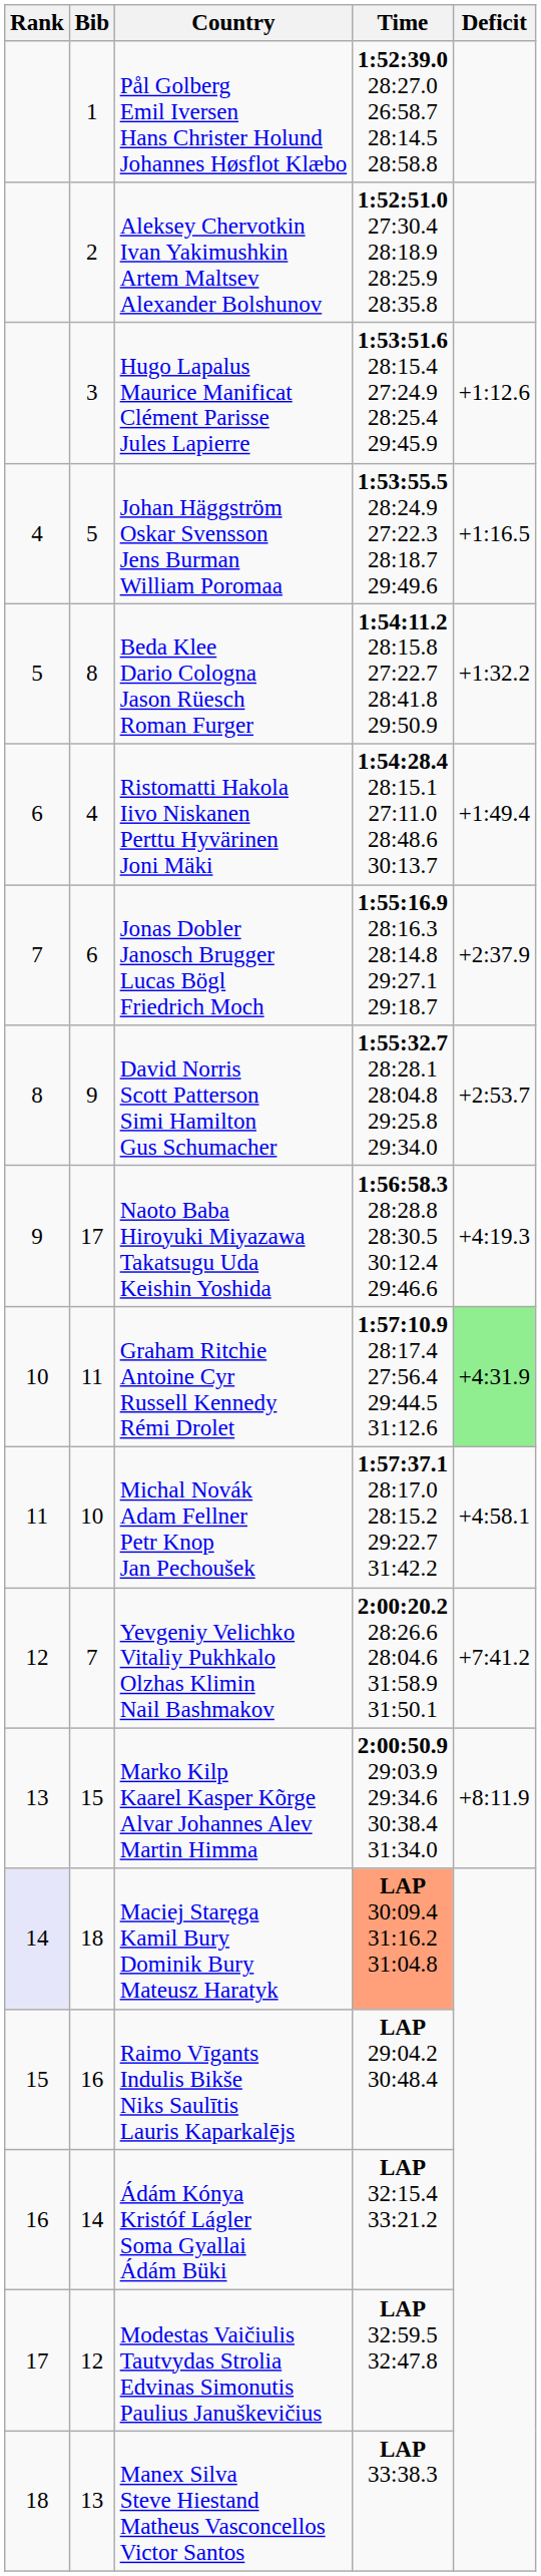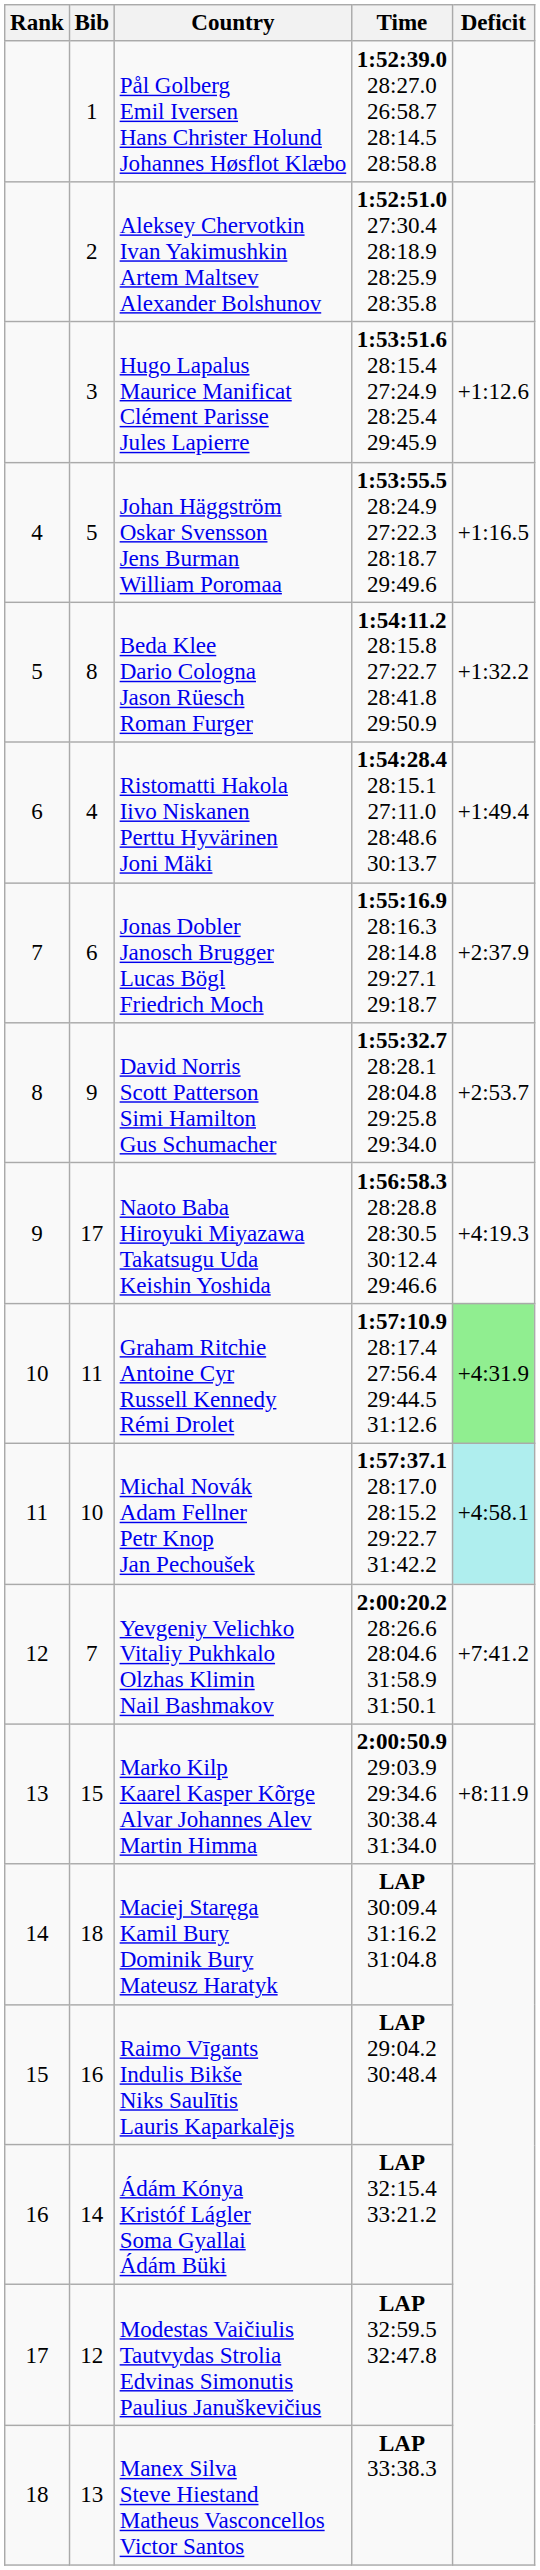 <table class="wikitable sortable" style="text-align:center">
 <tr>
 <th>Rank</th>
 <th>Bib</th>
 <th>Country</th>
 <th>Time</th>
 <th>Deficit</th>
 </tr>
 <tr>
 <td></td>
 <td>1</td>
 <td align=left><br><a href='#'>Pål Golberg</a><br><a href='#'>Emil Iversen</a><br><a href='#'>Hans Christer Holund</a><br><a href='#'>Johannes Høsflot Klæbo</a></td>
 <td><strong>1:52:39.0</strong><br>28:27.0<br>26:58.7<br>28:14.5<br>28:58.8</td>
 <td></td>
 </tr>
 <tr>
 <td></td>
 <td>2</td>
 <td align=left><br><a href='#'>Aleksey Chervotkin</a><br><a href='#'>Ivan Yakimushkin</a><br><a href='#'>Artem Maltsev</a><br><a href='#'>Alexander Bolshunov</a></td>
 <td><strong>1:52:51.0</strong><br>27:30.4<br>28:18.9<br>28:25.9<br>28:35.8</td>
 <td></td>
 </tr>
 <tr>
 <td></td>
 <td>3</td>
 <td align=left><br><a href='#'>Hugo Lapalus</a><br><a href='#'>Maurice Manificat</a><br><a href='#'>Clément Parisse</a><br><a href='#'>Jules Lapierre</a></td>
 <td><strong>1:53:51.6</strong><br>28:15.4<br>27:24.9<br>28:25.4<br>29:45.9</td>
 <td>+1:12.6</td>
 </tr>
 <tr>
 <td>4</td>
 <td>5</td>
 <td align=left><br><a href='#'>Johan Häggström</a><br><a href='#'>Oskar Svensson</a><br><a href='#'>Jens Burman</a><br><a href='#'>William Poromaa</a></td>
 <td><strong>1:53:55.5</strong><br>28:24.9<br>27:22.3<br>28:18.7<br>29:49.6</td>
 <td>+1:16.5</td>
 </tr>
 <tr>
 <td>5</td>
 <td>8</td>
 <td align=left><br><a href='#'>Beda Klee</a><br><a href='#'>Dario Cologna</a><br><a href='#'>Jason Rüesch</a><br><a href='#'>Roman Furger</a></td>
 <td><strong>1:54:11.2</strong><br>28:15.8<br>27:22.7<br>28:41.8<br>29:50.9</td>
 <td>+1:32.2</td>
 </tr>
 <tr>
 <td>6</td>
 <td>4</td>
 <td align=left><br><a href='#'>Ristomatti Hakola</a><br><a href='#'>Iivo Niskanen</a><br><a href='#'>Perttu Hyvärinen</a><br><a href='#'>Joni Mäki</a></td>
 <td><strong>1:54:28.4</strong><br>28:15.1<br>27:11.0<br>28:48.6<br>30:13.7</td>
 <td>+1:49.4</td>
 </tr>
 <tr>
 <td>7</td>
 <td>6</td>
 <td align=left><br><a href='#'>Jonas Dobler</a><br><a href='#'>Janosch Brugger</a><br><a href='#'>Lucas Bögl</a><br><a href='#'>Friedrich Moch</a></td>
 <td><strong>1:55:16.9</strong><br>28:16.3<br>28:14.8<br>29:27.1<br>29:18.7</td>
 <td>+2:37.9</td>
 </tr>
 <tr>
 <td>8</td>
 <td>9</td>
 <td align=left><br><a href='#'>David Norris</a><br><a href='#'>Scott Patterson</a><br><a href='#'>Simi Hamilton</a><br><a href='#'>Gus Schumacher</a></td>
 <td><strong>1:55:32.7</strong><br>28:28.1<br>28:04.8<br>29:25.8<br>29:34.0</td>
 <td>+2:53.7</td>
 </tr>
 <tr>
 <td>9</td>
 <td>17</td>
 <td align=left><br><a href='#'>Naoto Baba</a><br><a href='#'>Hiroyuki Miyazawa</a><br><a href='#'>Takatsugu Uda</a><br><a href='#'>Keishin Yoshida</a></td>
 <td><strong>1:56:58.3</strong><br>28:28.8<br>28:30.5<br>30:12.4<br>29:46.6</td>
 <td>+4:19.3</td>
 </tr>
 <tr>
 <td>10</td>
 <td>11</td>
 <td align=left><br><a href='#'>Graham Ritchie</a><br><a href='#'>Antoine Cyr</a><br><a href='#'>Russell Kennedy</a><br><a href='#'>Rémi Drolet</a></td>
 <td><strong>1:57:10.9</strong><br>28:17.4<br>27:56.4<br>29:44.5<br>31:12.6</td>
 <td style="background: lightgreen;">+4:31.9</td>
 </tr>
 <tr>
 <td>11</td>
 <td>10</td>
 <td align=left><br><a href='#'>Michal Novák</a><br><a href='#'>Adam Fellner</a><br><a href='#'>Petr Knop</a><br><a href='#'>Jan Pechoušek</a></td>
 <td><strong>1:57:37.1</strong><br>28:17.0<br>28:15.2<br>29:22.7<br>31:42.2</td>
-<td>+4:58.1</td>
+<td style="background: paleturquoise;">+4:58.1</td>
 </tr>
 <tr>
 <td>12</td>
 <td>7</td>
 <td align=left><br><a href='#'>Yevgeniy Velichko</a><br><a href='#'>Vitaliy Pukhkalo</a><br><a href='#'>Olzhas Klimin</a><br><a href='#'>Nail Bashmakov</a></td>
 <td><strong>2:00:20.2</strong><br>28:26.6<br>28:04.6<br>31:58.9<br>31:50.1</td>
 <td>+7:41.2</td>
 </tr>
 <tr>
 <td>13</td>
 <td>15</td>
 <td align=left><br><a href='#'>Marko Kilp</a><br><a href='#'>Kaarel Kasper Kõrge</a><br><a href='#'>Alvar Johannes Alev</a><br><a href='#'>Martin Himma</a></td>
 <td><strong>2:00:50.9</strong><br>29:03.9<br>29:34.6<br>30:38.4<br>31:34.0</td>
 <td>+8:11.9</td>
 </tr>
 <tr>
-<td style="background: lavender;">14</td>
+<td>14</td>
 <td>18</td>
 <td align=left><br><a href='#'>Maciej Staręga</a><br><a href='#'>Kamil Bury</a><br><a href='#'>Dominik Bury</a><br><a href='#'>Mateusz Haratyk</a></td>
-<td valign=top style="background: lightsalmon;"><strong>LAP</strong><br>30:09.4<br>31:16.2<br>31:04.8</td>
+<td valign=top><strong>LAP</strong><br>30:09.4<br>31:16.2<br>31:04.8</td>
 <td rowspan=5></td>
 </tr>
 <tr>
 <td>15</td>
 <td>16</td>
 <td align=left><br><a href='#'>Raimo Vīgants</a><br><a href='#'>Indulis Bikše</a><br><a href='#'>Niks Saulītis</a><br><a href='#'>Lauris Kaparkalējs</a></td>
 <td valign=top><strong>LAP</strong><br>29:04.2<br>30:48.4</td>
 </tr>
 <tr>
 <td>16</td>
 <td>14</td>
 <td align=left><br><a href='#'>Ádám Kónya</a><br><a href='#'>Kristóf Lágler</a><br><a href='#'>Soma Gyallai</a><br><a href='#'>Ádám Büki</a></td>
 <td valign=top><strong>LAP</strong><br>32:15.4<br>33:21.2</td>
 </tr>
 <tr>
 <td>17</td>
 <td>12</td>
 <td align=left><br><a href='#'>Modestas Vaičiulis</a><br><a href='#'>Tautvydas Strolia</a><br><a href='#'>Edvinas Simonutis</a><br><a href='#'>Paulius Januškevičius</a></td>
 <td valign=top><strong>LAP</strong><br>32:59.5<br>32:47.8</td>
 </tr>
 <tr>
 <td>18</td>
 <td>13</td>
 <td align=left><br><a href='#'>Manex Silva</a><br><a href='#'>Steve Hiestand</a><br><a href='#'>Matheus Vasconcellos</a><br><a href='#'>Victor Santos</a></td>
 <td valign=top><strong>LAP</strong><br>33:38.3</td>
 </tr>
 </table>
